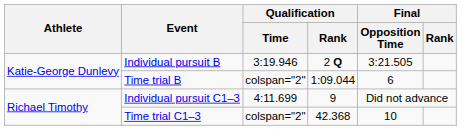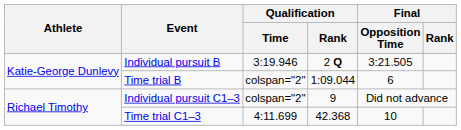 <table class=wikitable style="font-size:90%">
 <tr>
 <th rowspan="2">Athlete</th>
 <th rowspan="2">Event</th>
 <th colspan="2">Qualification</th>
 <th colspan="2">Final</th>
 </tr>
 <tr>
 <th>Time</th>
 <th>Rank</th>
 <th>Opposition<br>Time</th>
 <th>Rank</th>
 </tr>
 <tr align=center>
 <td align=left rowspan="2"><a href='#'>Katie-George Dunlevy</a></td>
 <td align=left><a href='#'>Individual pursuit B</a></td>
 <td>3:19.946</td>
 <td>2 <strong>Q</strong></td>
 <td>3:21.505</td>
 <td></td>
 </tr>
 <tr align=center>
 <td align=left><a href='#'>Time trial B</a></td>
 <td>colspan="2" </td>
 <td>1:09.044</td>
 <td>6</td>
 </tr>
 <tr align=center>
 <td align=left rowspan="2"><a href='#'>Richael Timothy</a></td>
 <td align=left><a href='#'>Individual pursuit C1–3</a></td>
-<td>4:11.699</td>
+<td>colspan="2" </td>
 <td>9</td>
 <td colspan="2">Did not advance</td>
 </tr>
 <tr align=center>
 <td align=left><a href='#'>Time trial C1–3</a></td>
-<td>colspan="2" </td>
+<td>4:11.699</td>
 <td>42.368</td>
 <td>10</td>
 </tr>
 </table>
